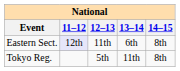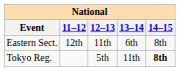 <table class="wikitable" style="text-align:center">
 <tr>
 <th colspan="5" style="background-color: #ffdead; " align="center">National</th>
 </tr>
 <tr>
 <th>Event</th>
 <th><a href='#'>11–12</a></th>
 <th><a href='#'>12–13</a></th>
 <th><a href='#'>13–14</a></th>
 <th><a href='#'>14–15</a></th>
 </tr>
 <tr>
 <td align="left">Eastern Sect.</td>
-<td style="background: lavender;">12th</td>
+<td>12th</td>
 <td>11th</td>
 <td>6th</td>
 <td>8th</td>
 </tr>
 <tr>
 <td align="left">Tokyo Reg.</td>
 <td></td>
 <td>5th</td>
 <td>11th</td>
-<td>8th</td>
+<td><strong>8th</strong></td>
 </tr>
 </table>
